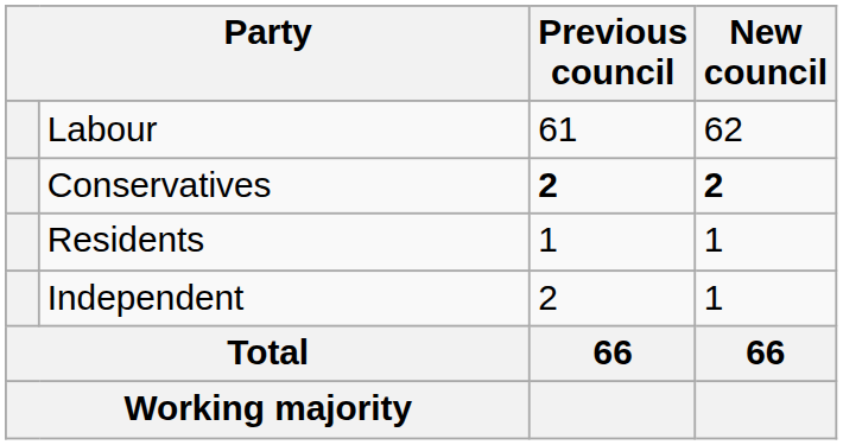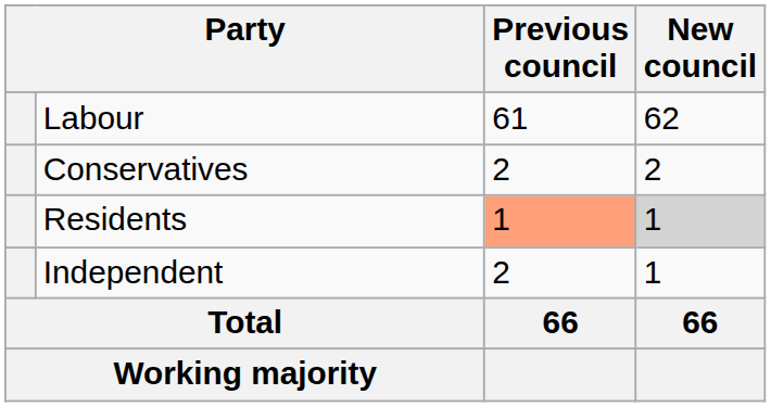 <table class="wikitable">
 <tr>
 <th valign=top colspan="2" style="width: 230px">Party</th>
 <th valign=top style="width: 30px">Previous council</th>
 <th valign=top style="width: 30px">New council</th>
 </tr>
 <tr>
 <th style="background-color: "></th>
 <td>Labour</td>
 <td>61</td>
 <td>62</td>
 </tr>
 <tr>
 <th style="background-color: "></th>
 <td>Conservatives</td>
-<td><strong>2</strong></td>
-<td><strong>2</strong></td>
+<td>2</td>
+<td>2</td>
 </tr>
 <tr>
 <th style="background-color: "></th>
 <td>Residents</td>
-<td>1</td>
-<td>1</td>
+<td style="background: lightsalmon;">1</td>
+<td style="background: lightgrey;">1</td>
 </tr>
 <tr>
 <th style="background-color: "></th>
 <td>Independent</td>
 <td>2</td>
 <td>1</td>
 </tr>
 <tr>
 <th colspan=2>Total</th>
 <th style="text-align: center">66</th>
 <th colspan=3>66</th>
 </tr>
 <tr>
 <th colspan=2>Working majority</th>
 <th></th>
 <th></th>
 </tr>
 </table>
